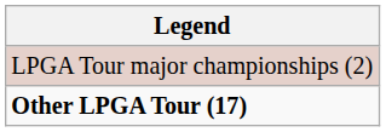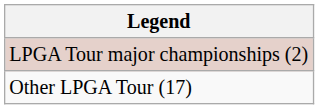 <table class="wikitable" style="font-size:95%;">
 <tr>
 <th>Legend</th>
 </tr>
 <tr style="background:#e5d1cb;">
 <td>LPGA Tour major championships (2)</td>
 </tr>
 <tr>
-<td><strong>Other LPGA Tour (17)</strong></td>
+<td>Other LPGA Tour (17)</td>
 </tr>
 </table>
